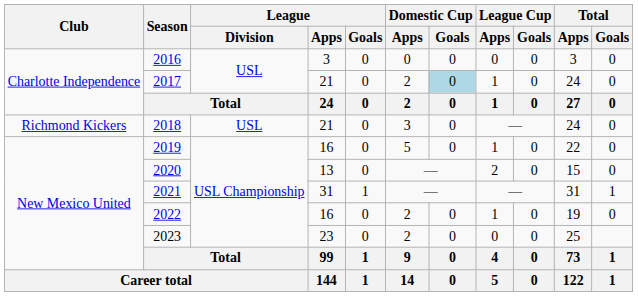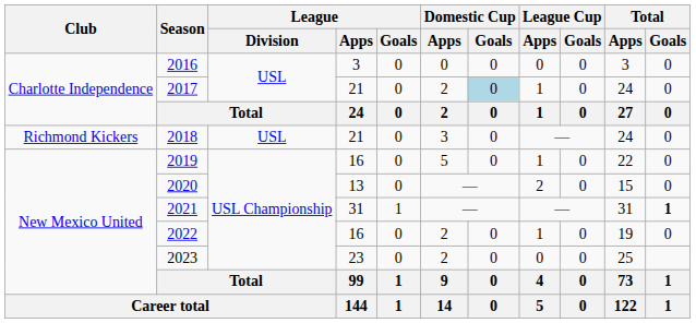 <table class="wikitable" style="text-align: center">
 <tr>
 <th rowspan="2">Club</th>
 <th rowspan="2">Season</th>
 <th colspan="3">League</th>
 <th colspan="2">Domestic Cup</th>
 <th colspan="2">League Cup</th>
 <th colspan="2">Total</th>
 </tr>
 <tr>
 <th>Division</th>
 <th>Apps</th>
 <th>Goals</th>
 <th>Apps</th>
 <th>Goals</th>
 <th>Apps</th>
 <th>Goals</th>
 <th>Apps</th>
 <th>Goals</th>
 </tr>
 <tr>
 <td rowspan="3"><a href='#'>Charlotte Independence</a></td>
 <td><a href='#'>2016</a></td>
 <td rowspan="2"><a href='#'>USL</a></td>
 <td>3</td>
 <td>0</td>
 <td>0</td>
 <td>0</td>
 <td>0</td>
 <td>0</td>
 <td>3</td>
 <td>0</td>
 </tr>
 <tr>
 <td><a href='#'>2017</a></td>
 <td>21</td>
 <td>0</td>
 <td>2</td>
 <td style="background: lightblue;">0</td>
 <td>1</td>
 <td>0</td>
 <td>24</td>
 <td>0</td>
 </tr>
 <tr>
 <th colspan="2">Total</th>
 <th>24</th>
 <th>0</th>
 <th>2</th>
 <th>0</th>
 <th>1</th>
 <th>0</th>
 <th>27</th>
 <th>0</th>
 </tr>
 <tr>
 <td><a href='#'>Richmond Kickers</a></td>
 <td><a href='#'>2018</a></td>
 <td><a href='#'>USL</a></td>
 <td>21</td>
 <td>0</td>
 <td>3</td>
 <td>0</td>
 <td colspan="2">—</td>
 <td>24</td>
 <td>0</td>
 </tr>
 <tr>
 <td rowspan="6"><a href='#'>New Mexico United</a></td>
 <td><a href='#'>2019</a></td>
 <td rowspan="5"><a href='#'>USL Championship</a></td>
 <td>16</td>
 <td>0</td>
 <td>5</td>
 <td>0</td>
 <td>1</td>
 <td>0</td>
 <td>22</td>
 <td>0</td>
 </tr>
 <tr>
 <td><a href='#'>2020</a></td>
 <td>13</td>
 <td>0</td>
 <td colspan="2">—</td>
 <td>2</td>
 <td>0</td>
 <td>15</td>
 <td>0</td>
 </tr>
 <tr>
 <td><a href='#'>2021</a></td>
 <td>31</td>
 <td>1</td>
 <td colspan="2">—</td>
 <td colspan="2">—</td>
 <td>31</td>
-<td>1</td>
+<td><strong>1</strong></td>
 </tr>
 <tr>
 <td><a href='#'>2022</a></td>
 <td>16</td>
 <td>0</td>
 <td>2</td>
 <td>0</td>
 <td>1</td>
 <td>0</td>
 <td>19</td>
 <td>0</td>
 </tr>
 <tr>
 <td>2023</td>
 <td>23</td>
 <td>0</td>
 <td>2</td>
 <td>0</td>
 <td>0</td>
 <td>0</td>
 <td>25</td>
 <td></td>
 </tr>
 <tr>
 <th colspan="2">Total</th>
 <th>99</th>
 <th>1</th>
 <th>9</th>
 <th>0</th>
 <th>4</th>
 <th>0</th>
 <th>73</th>
 <th>1</th>
 </tr>
 <tr>
 <th colspan="3">Career total</th>
 <th>144</th>
 <th>1</th>
 <th>14</th>
 <th>0</th>
 <th>5</th>
 <th>0</th>
 <th>122</th>
 <th>1</th>
 </tr>
 </table>
